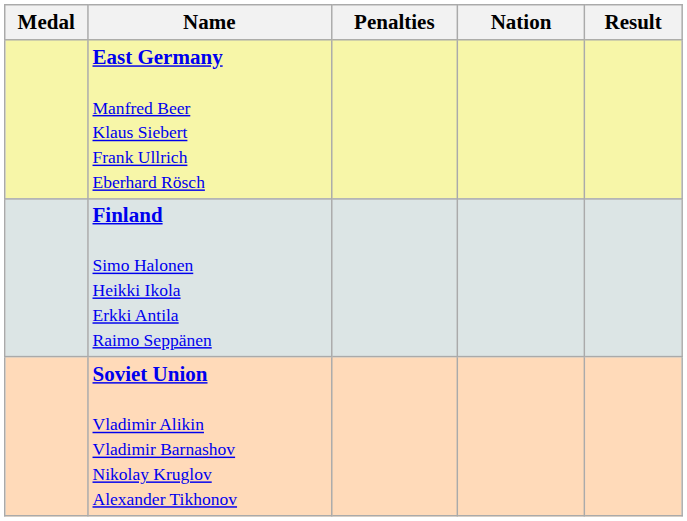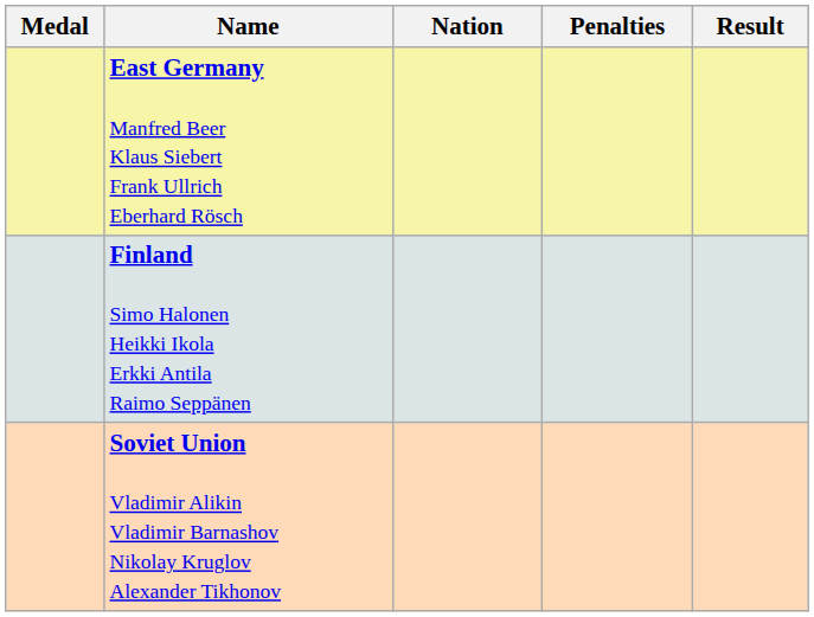 <table class=wikitable style="border:1px solid #AAAAAA;font-size:90%">
 <tr bgcolor="#E4E4E4">
 <th style="border-bottom:1px solid #AAAAAA" width=50>Medal</th>
 <th style="border-bottom:1px solid #AAAAAA" width=160>Name</th>
+<th style="border-bottom:1px solid #AAAAAA" width=80>Nation</th>
 <th style="border-bottom:1px solid #AAAAAA" width=80>Penalties</th>
-<th style="border-bottom:1px solid #AAAAAA" width=80>Nation</th>
 <th style="border-bottom:1px solid #AAAAAA" width=60>Result</th>
 </tr>
 <tr bgcolor="#F7F6A8">
 <td align="center"></td>
 <td><strong><a href='#'>East Germany</a></strong><br><br><small><a href='#'>Manfred Beer</a><br><a href='#'>Klaus Siebert</a><br><a href='#'>Frank Ullrich</a><br><a href='#'>Eberhard Rösch</a></small></td>
+<td></td>
 <td align="center"></td>
-<td></td>
 <td align="center"></td>
 </tr>
 <tr bgcolor="#DCE5E5">
 <td align="center"></td>
 <td><strong><a href='#'>Finland</a></strong><br><br><small><a href='#'>Simo Halonen</a><br><a href='#'>Heikki Ikola</a><br><a href='#'>Erkki Antila</a><br><a href='#'>Raimo Seppänen</a></small></td>
+<td></td>
 <td align="center"></td>
-<td></td>
 <td align="right"></td>
 </tr>
 <tr bgcolor="#FFDAB9">
 <td align="center"></td>
 <td><strong><a href='#'>Soviet Union</a></strong><br><br><small><a href='#'>Vladimir Alikin</a><br><a href='#'>Vladimir Barnashov</a><br><a href='#'>Nikolay Kruglov</a><br><a href='#'>Alexander Tikhonov</a></small></td>
+<td></td>
 <td align="center"></td>
-<td></td>
 <td align="right"></td>
 </tr>
 </table>
